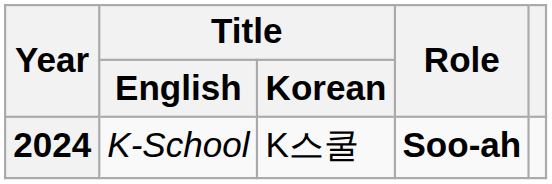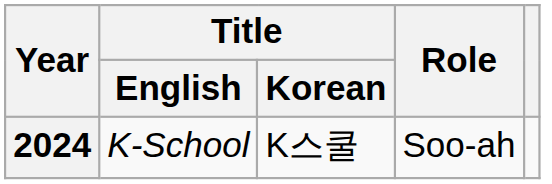 <table class="wikitable plainrowheaders">
 <tr>
 <th scope="col" rowspan="2">Year</th>
 <th scope="col" colspan="2">Title</th>
 <th scope="col" rowspan="2">Role</th>
 <th scope="col" rowspan="2"></th>
 </tr>
 <tr>
 <th scope="col">English</th>
 <th scope="col">Korean</th>
 </tr>
 <tr>
 <th scope="row">2024</th>
 <td><em>K-School</em></td>
 <td>K스쿨</td>
-<td><strong>Soo-ah</strong></td>
+<td>Soo-ah</td>
 <td style="text-align:center"></td>
 </tr>
 </table>
